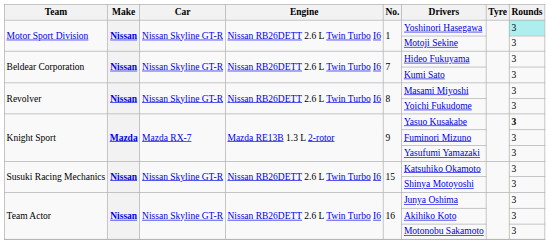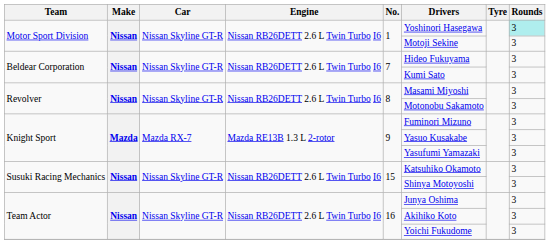 <table class="wikitable" style="font-size: 90%;">
 <tr>
 <th>Team</th>
 <th>Make</th>
 <th>Car</th>
 <th>Engine</th>
 <th>No.</th>
 <th>Drivers</th>
 <th>Tyre</th>
 <th>Rounds</th>
 </tr>
 <tr>
 <td rowspan=2><a href='#'>Motor Sport Division</a></td>
 <th rowspan=2><a href='#'>Nissan</a></th>
 <td rowspan=2><a href='#'>Nissan Skyline GT-R</a></td>
 <td rowspan=2><a href='#'>Nissan RB26DETT</a> 2.6 L <a href='#'>Twin Turbo</a> <a href='#'>I6</a></td>
 <td rowspan=2>1</td>
 <td> <a href='#'>Yoshinori Hasegawa</a></td>
 <td rowspan=2></td>
 <td style="background: paleturquoise;">3</td>
 </tr>
 <tr>
 <td> <a href='#'>Motoji Sekine</a></td>
 <td>3</td>
 </tr>
 <tr>
 <td rowspan=2>Beldear Corporation</td>
 <th rowspan=2><a href='#'>Nissan</a></th>
 <td rowspan=2><a href='#'>Nissan Skyline GT-R</a></td>
 <td rowspan=2><a href='#'>Nissan RB26DETT</a> 2.6 L <a href='#'>Twin Turbo</a> <a href='#'>I6</a></td>
 <td rowspan=2>7</td>
 <td> <a href='#'>Hideo Fukuyama</a></td>
 <td rowspan=2></td>
 <td>3</td>
 </tr>
 <tr>
 <td> <a href='#'>Kumi Sato</a></td>
 <td>3</td>
 </tr>
 <tr>
 <td rowspan=2>Revolver</td>
 <th rowspan=2><a href='#'>Nissan</a></th>
 <td rowspan=2><a href='#'>Nissan Skyline GT-R</a></td>
 <td rowspan=2><a href='#'>Nissan RB26DETT</a> 2.6 L <a href='#'>Twin Turbo</a> <a href='#'>I6</a></td>
 <td rowspan=2>8</td>
 <td> <a href='#'>Masami Miyoshi</a></td>
 <td rowspan=2></td>
 <td>3</td>
 </tr>
 <tr>
-<td> <a href='#'>Yoichi Fukudome</a></td>
+<td> <a href='#'>Motonobu Sakamoto</a></td>
 <td>3</td>
 </tr>
 <tr>
 <td rowspan=3>Knight Sport</td>
 <th rowspan=3><a href='#'>Mazda</a></th>
 <td rowspan=3><a href='#'>Mazda RX-7</a></td>
 <td rowspan=3><a href='#'>Mazda RE13B</a> 1.3 L <a href='#'>2-rotor</a></td>
 <td rowspan=3>9</td>
-<td> <a href='#'>Yasuo Kusakabe</a></td>
+<td> <a href='#'>Fuminori Mizuno</a></td>
 <td rowspan=3></td>
-<td><strong>3</strong></td>
+<td>3</td>
 </tr>
 <tr>
-<td> <a href='#'>Fuminori Mizuno</a></td>
+<td> <a href='#'>Yasuo Kusakabe</a></td>
 <td>3</td>
 </tr>
 <tr>
 <td> <a href='#'>Yasufumi Yamazaki</a></td>
 <td>3</td>
 </tr>
 <tr>
 <td rowspan=2>Susuki Racing Mechanics</td>
 <th rowspan=2><a href='#'>Nissan</a></th>
 <td rowspan=2><a href='#'>Nissan Skyline GT-R</a></td>
 <td rowspan=2><a href='#'>Nissan RB26DETT</a> 2.6 L <a href='#'>Twin Turbo</a> <a href='#'>I6</a></td>
 <td rowspan=2>15</td>
 <td> <a href='#'>Katsuhiko Okamoto</a></td>
 <td rowspan=2></td>
 <td>3</td>
 </tr>
 <tr>
 <td> <a href='#'>Shinya Motoyoshi</a></td>
 <td>3</td>
 </tr>
 <tr>
 <td rowspan=3>Team Actor</td>
 <th rowspan=3><a href='#'>Nissan</a></th>
 <td rowspan=3><a href='#'>Nissan Skyline GT-R</a></td>
 <td rowspan=3><a href='#'>Nissan RB26DETT</a> 2.6 L <a href='#'>Twin Turbo</a> <a href='#'>I6</a></td>
 <td rowspan=3>16</td>
 <td> <a href='#'>Junya Oshima</a></td>
 <td rowspan=3></td>
 <td>3</td>
 </tr>
 <tr>
 <td> <a href='#'>Akihiko Koto</a></td>
 <td>3</td>
 </tr>
 <tr>
-<td> <a href='#'>Motonobu Sakamoto</a></td>
+<td> <a href='#'>Yoichi Fukudome</a></td>
 <td>3</td>
 </tr>
 <tr>
 </tr>
 </table>
